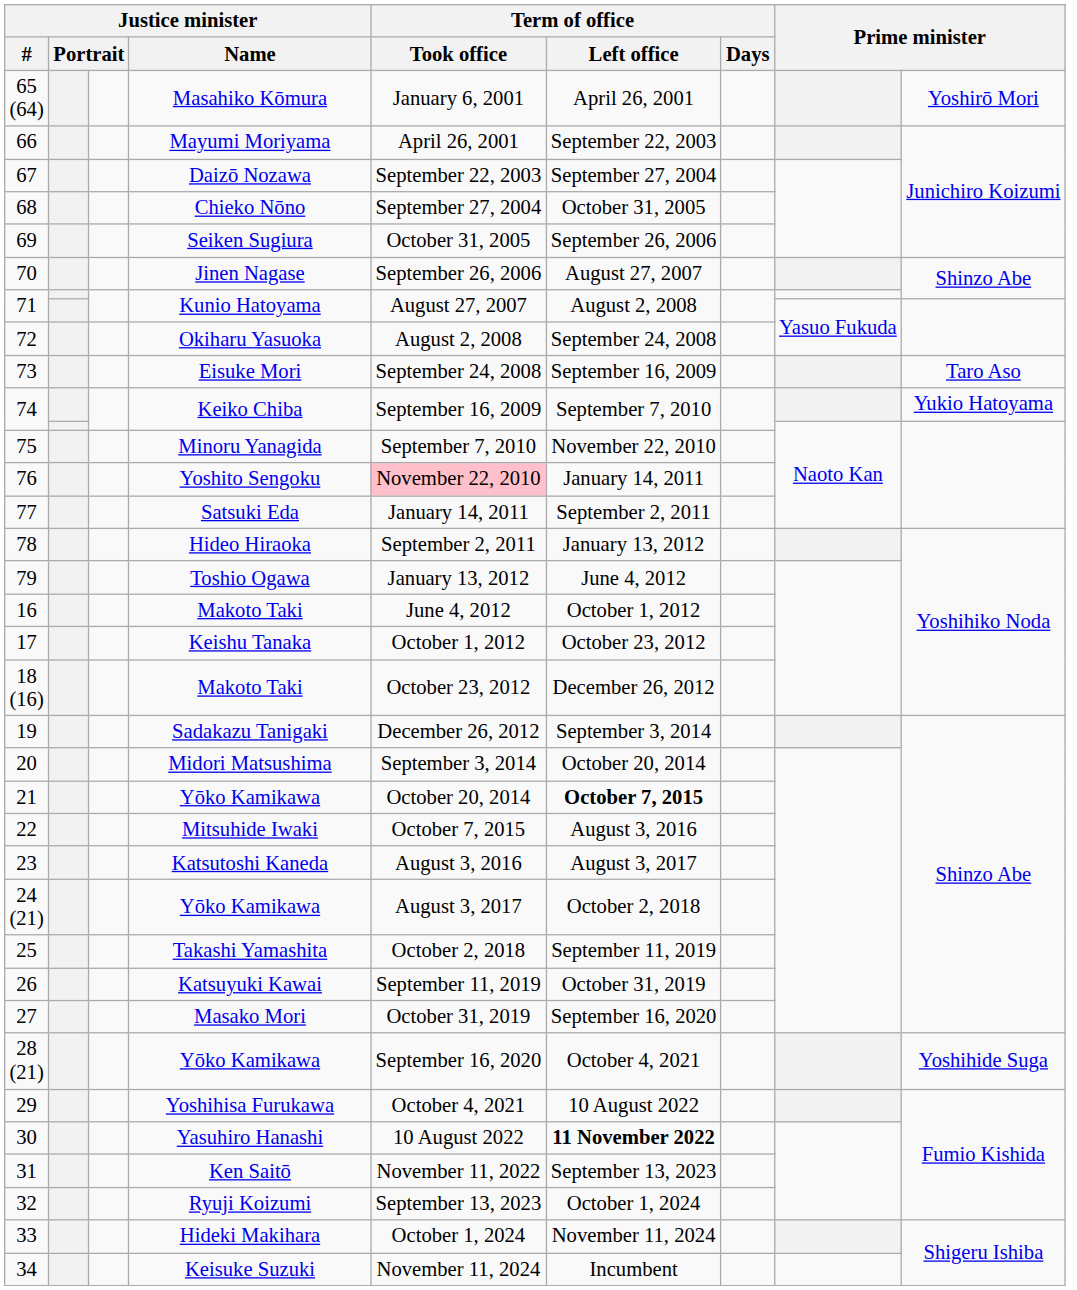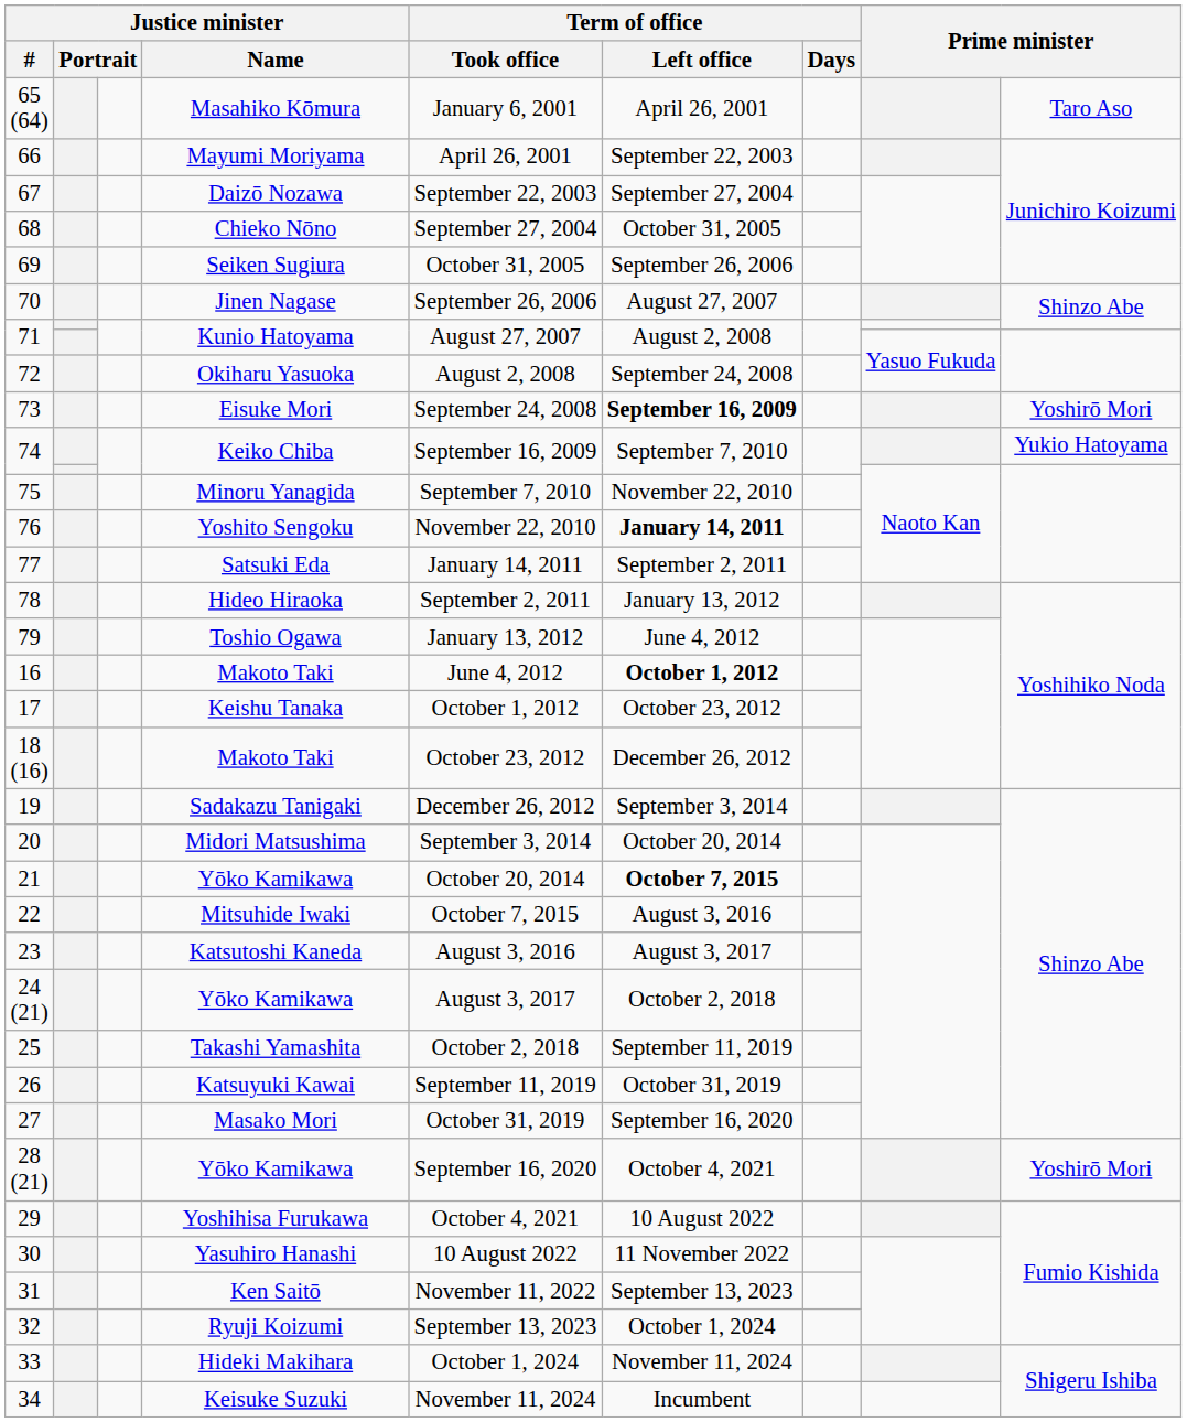 <table class="wikitable"  style="text-align:center">
 <tr>
 <th colspan=4>Justice minister</th>
 <th colspan=3>Term of office</th>
 <th style="width:160px;" rowspan=2 colspan=2>Prime minister</th>
 </tr>
 <tr>
 <th>#</th>
 <th colspan=2>Portrait</th>
 <th width=180px>Name</th>
 <th>Took office</th>
 <th>Left office</th>
 <th>Days</th>
 </tr>
 <tr>
 <td>65<br>(64)</td>
 <th style="background-color: "></th>
 <td></td>
 <td><a href='#'>Masahiko Kōmura</a></td>
 <td>January 6, 2001</td>
 <td>April 26, 2001</td>
 <td></td>
 <th style="background-color: "></th>
-<td><a href='#'>Yoshirō Mori</a></td>
+<td><a href='#'>Taro Aso</a></td>
 </tr>
 <tr>
 <td>66</td>
 <th style="background-color: "></th>
 <td></td>
 <td><a href='#'>Mayumi Moriyama</a></td>
 <td>April 26, 2001</td>
 <td>September 22, 2003</td>
 <td></td>
 <th style="background-color: "></th>
 <td rowspan=4><a href='#'>Junichiro Koizumi</a></td>
 </tr>
 <tr>
 <td>67</td>
 <th style="background-color: "></th>
 <td></td>
 <td><a href='#'>Daizō Nozawa</a></td>
 <td>September 22, 2003</td>
 <td>September 27, 2004</td>
 <td></td>
 </tr>
 <tr>
 <td>68</td>
 <th style="background-color: "></th>
 <td></td>
 <td><a href='#'>Chieko Nōno</a></td>
 <td>September 27, 2004</td>
 <td>October 31, 2005</td>
 <td></td>
 </tr>
 <tr>
 <td>69</td>
 <th style="background-color: "></th>
 <td></td>
 <td><a href='#'>Seiken Sugiura</a></td>
 <td>October 31, 2005</td>
 <td>September 26, 2006</td>
 <td></td>
 </tr>
 <tr>
 <td>70</td>
 <th style="background-color: "></th>
 <td></td>
 <td><a href='#'>Jinen Nagase</a></td>
 <td>September 26, 2006</td>
 <td>August 27, 2007</td>
 <td></td>
 <th style="background-color: "></th>
 <td rowspan=2><a href='#'>Shinzo Abe</a></td>
 </tr>
 <tr>
 <td rowspan=2>71</td>
 <th style="background-color: "></th>
 <td rowspan=2></td>
 <td rowspan=2><a href='#'>Kunio Hatoyama</a></td>
 <td rowspan=2>August 27, 2007</td>
 <td rowspan=2>August 2, 2008</td>
 <td rowspan=2></td>
 </tr>
 <tr>
 <th style="background-color: "></th>
 <td rowspan=2><a href='#'>Yasuo Fukuda</a></td>
 </tr>
 <tr>
 <td>72</td>
 <th style="background-color: "></th>
 <td></td>
 <td><a href='#'>Okiharu Yasuoka</a></td>
 <td>August 2, 2008</td>
 <td>September 24, 2008</td>
 <td></td>
 </tr>
 <tr>
 <td>73</td>
 <th style="background-color: "></th>
 <td></td>
 <td><a href='#'>Eisuke Mori</a></td>
 <td>September 24, 2008</td>
-<td>September 16, 2009</td>
+<td><strong>September 16, 2009</strong></td>
 <td></td>
 <th style="background-color: "></th>
-<td><a href='#'>Taro Aso</a></td>
+<td><a href='#'>Yoshirō Mori</a></td>
 </tr>
 <tr>
 <td rowspan=2>74</td>
 <th style="background-color: "></th>
 <td rowspan=2></td>
 <td rowspan=2><a href='#'>Keiko Chiba</a></td>
 <td rowspan=2>September 16, 2009</td>
 <td rowspan=2>September 7, 2010</td>
 <td rowspan=2></td>
 <th style="background-color: "></th>
 <td><a href='#'>Yukio Hatoyama</a></td>
 </tr>
 <tr>
 <th style="background-color: "></th>
 <td rowspan=4><a href='#'>Naoto Kan</a></td>
 </tr>
 <tr>
 <td>75</td>
 <th style="background-color: "></th>
 <td></td>
 <td><a href='#'>Minoru Yanagida</a></td>
 <td>September 7, 2010</td>
 <td>November 22, 2010</td>
 <td></td>
 </tr>
 <tr>
 <td>76</td>
 <th style="background-color: "></th>
 <td></td>
 <td><a href='#'>Yoshito Sengoku</a></td>
-<td style="background: pink;">November 22, 2010</td>
-<td>January 14, 2011</td>
+<td>November 22, 2010</td>
+<td><strong>January 14, 2011</strong></td>
 <td></td>
 </tr>
 <tr>
 <td>77</td>
 <th style="background-color: "></th>
 <td></td>
 <td><a href='#'>Satsuki Eda</a></td>
 <td>January 14, 2011</td>
 <td>September 2, 2011</td>
 <td></td>
 </tr>
 <tr>
 <td>78</td>
 <th style="background-color: "></th>
 <td></td>
 <td><a href='#'>Hideo Hiraoka</a></td>
 <td>September 2, 2011</td>
 <td>January 13, 2012</td>
 <td></td>
 <th style="background-color: "></th>
 <td rowspan=5><a href='#'>Yoshihiko Noda</a></td>
 </tr>
 <tr>
 <td>79</td>
 <th style="background-color: "></th>
 <td></td>
 <td><a href='#'>Toshio Ogawa</a></td>
 <td>January 13, 2012</td>
 <td>June 4, 2012</td>
 <td></td>
 </tr>
 <tr>
 <td>16</td>
 <th style="background-color: "></th>
 <td></td>
 <td><a href='#'>Makoto Taki</a></td>
 <td>June 4, 2012</td>
-<td>October 1, 2012</td>
+<td><strong>October 1, 2012</strong></td>
 <td></td>
 </tr>
 <tr>
 <td>17</td>
 <th style="background-color: "></th>
 <td></td>
 <td><a href='#'>Keishu Tanaka</a></td>
 <td>October 1, 2012</td>
 <td>October 23, 2012</td>
 <td></td>
 </tr>
 <tr>
 <td>18<br>(16)</td>
 <th style="background-color: "></th>
 <td></td>
 <td><a href='#'>Makoto Taki</a></td>
 <td>October 23, 2012</td>
 <td>December 26, 2012</td>
 <td></td>
 </tr>
 <tr>
 <td>19</td>
 <th style="background-color: "></th>
 <td></td>
 <td><a href='#'>Sadakazu Tanigaki</a></td>
 <td>December 26, 2012</td>
 <td>September 3, 2014</td>
 <td></td>
 <th style="background-color: "></th>
 <td rowspan=9><a href='#'>Shinzo Abe</a></td>
 </tr>
 <tr>
 <td>20</td>
 <th style="background-color: "></th>
 <td></td>
 <td><a href='#'>Midori Matsushima</a></td>
 <td>September 3, 2014</td>
 <td>October 20, 2014</td>
 <td></td>
 </tr>
 <tr>
 <td>21</td>
 <th style="background-color: "></th>
 <td></td>
 <td><a href='#'>Yōko Kamikawa</a></td>
 <td>October 20, 2014</td>
 <td><strong>October 7, 2015</strong></td>
 <td></td>
 </tr>
 <tr>
 <td>22</td>
 <th style="background-color: "></th>
 <td></td>
 <td><a href='#'>Mitsuhide Iwaki</a></td>
 <td>October 7, 2015</td>
 <td>August 3, 2016</td>
 <td></td>
 </tr>
 <tr>
 <td>23</td>
 <th style="background-color: "></th>
 <td></td>
 <td><a href='#'>Katsutoshi Kaneda</a></td>
 <td>August 3, 2016</td>
 <td>August 3, 2017</td>
 <td></td>
 </tr>
 <tr>
 <td>24<br>(21)</td>
 <th style="background-color: "></th>
 <td></td>
 <td><a href='#'>Yōko Kamikawa</a></td>
 <td>August 3, 2017</td>
 <td>October 2, 2018</td>
 <td></td>
 </tr>
 <tr>
 <td>25</td>
 <th style="background-color: "></th>
 <td></td>
 <td><a href='#'>Takashi Yamashita</a></td>
 <td>October 2, 2018</td>
 <td>September 11, 2019</td>
 <td></td>
 </tr>
 <tr>
 <td>26</td>
 <th style="background-color: "></th>
 <td></td>
 <td><a href='#'>Katsuyuki Kawai</a></td>
 <td>September 11, 2019</td>
 <td>October 31, 2019</td>
 <td></td>
 </tr>
 <tr>
 <td>27</td>
 <th style="background-color: "></th>
 <td></td>
 <td><a href='#'>Masako Mori</a></td>
 <td>October 31, 2019</td>
 <td>September 16, 2020</td>
 <td></td>
 </tr>
 <tr>
 <td>28<br>(21)</td>
 <th style="background-color: "></th>
 <td></td>
 <td><a href='#'>Yōko Kamikawa</a></td>
 <td>September 16, 2020</td>
 <td>October 4, 2021</td>
 <td></td>
 <th style="background-color: "></th>
-<td><a href='#'>Yoshihide Suga</a></td>
+<td><a href='#'>Yoshirō Mori</a></td>
 </tr>
 <tr>
 <td>29</td>
 <th style="background-color: "></th>
 <td></td>
 <td><a href='#'>Yoshihisa Furukawa</a></td>
 <td>October 4, 2021</td>
 <td>10 August 2022</td>
 <td></td>
 <th style="background-color: "></th>
 <td rowspan="4"><a href='#'>Fumio Kishida</a></td>
 </tr>
 <tr>
 <td>30</td>
 <th style="background-color: "></th>
 <td></td>
 <td><a href='#'>Yasuhiro Hanashi</a></td>
 <td>10 August 2022</td>
-<td><strong>11 November 2022</strong></td>
+<td>11 November 2022</td>
 <td></td>
 </tr>
 <tr>
 <td>31</td>
 <th style="background-color: "></th>
 <td></td>
 <td><a href='#'>Ken Saitō</a></td>
 <td>November 11, 2022</td>
 <td>September 13, 2023</td>
 <td></td>
 </tr>
 <tr>
 <td>32</td>
 <th style="background-color: "></th>
 <td></td>
 <td><a href='#'>Ryuji Koizumi</a></td>
 <td>September 13, 2023</td>
 <td>October 1, 2024</td>
 <td></td>
 </tr>
 <tr>
 <td>33</td>
 <th style="background-color: "></th>
 <td></td>
 <td><a href='#'>Hideki Makihara</a></td>
 <td>October 1, 2024</td>
 <td>November 11, 2024</td>
 <td></td>
 <th style="background-color: "></th>
 <td rowspan="2"><a href='#'>Shigeru Ishiba</a></td>
 </tr>
 <tr>
 <td>34</td>
 <th style="background-color: "></th>
 <td></td>
 <td><a href='#'>Keisuke Suzuki</a></td>
 <td>November 11, 2024</td>
 <td>Incumbent</td>
 <td></td>
 </tr>
 </table>
